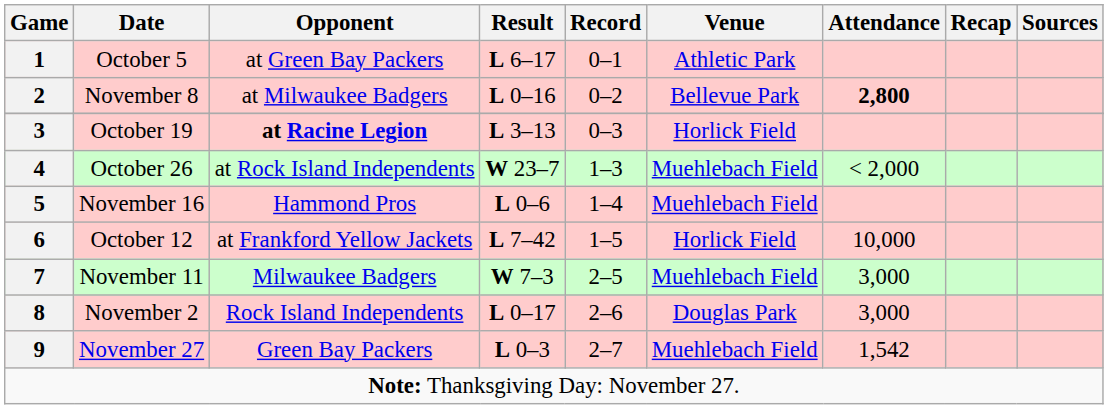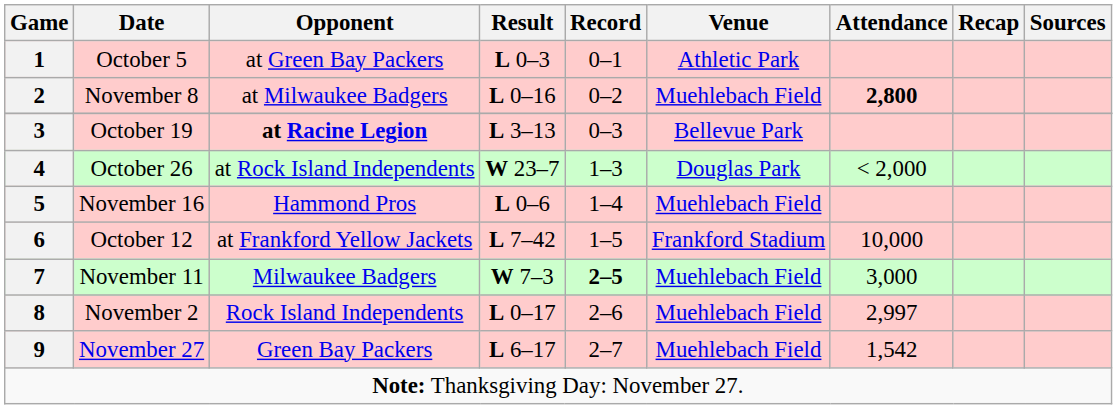 <table class="wikitable" style="text-align:center">
 <tr>
 <th>Game</th>
 <th>Date</th>
 <th>Opponent</th>
 <th>Result</th>
 <th>Record</th>
 <th>Venue</th>
 <th>Attendance</th>
 <th>Recap</th>
 <th>Sources</th>
 </tr>
 <tr style="background:#fcc">
 <th>1</th>
 <td>October 5</td>
 <td>at <a href='#'>Green Bay Packers</a></td>
-<td><strong>L</strong> 6–17</td>
+<td><strong>L</strong> 0–3</td>
 <td>0–1</td>
 <td><a href='#'>Athletic Park</a></td>
 <td></td>
 <td></td>
 <td></td>
 </tr>
 <tr style="background:#fcc">
 <th>2</th>
 <td>November 8</td>
 <td>at <a href='#'>Milwaukee Badgers</a></td>
 <td><strong>L</strong> 0–16</td>
 <td>0–2</td>
-<td><a href='#'>Bellevue Park</a></td>
+<td><a href='#'>Muehlebach Field</a></td>
 <td><strong>2,800</strong></td>
 <td></td>
 <td></td>
 </tr>
 <tr style="background:#cfc">
 </tr>
 <tr style="background:#fcc">
 <th>3</th>
 <td>October 19</td>
 <td><strong>at <a href='#'>Racine Legion</a></strong></td>
 <td><strong>L</strong> 3–13</td>
 <td>0–3</td>
-<td><a href='#'>Horlick Field</a></td>
+<td><a href='#'>Bellevue Park</a></td>
 <td></td>
 <td></td>
 <td></td>
 </tr>
 <tr style="background:#cfc">
 <th>4</th>
 <td>October 26</td>
 <td>at <a href='#'>Rock Island Independents</a></td>
 <td><strong>W</strong> 23–7</td>
 <td>1–3</td>
-<td><a href='#'>Muehlebach Field</a></td>
+<td><a href='#'>Douglas Park</a></td>
 <td>< 2,000</td>
 <td></td>
 <td></td>
 </tr>
 <tr style="background:#fcc">
 <th>5</th>
 <td>November 16</td>
 <td><a href='#'>Hammond Pros</a></td>
 <td><strong>L</strong> 0–6</td>
 <td>1–4</td>
 <td><a href='#'>Muehlebach Field</a></td>
 <td></td>
 <td></td>
 <td></td>
 </tr>
 <tr style="background:#fcc">
 <th>6</th>
 <td>October 12</td>
 <td>at <a href='#'>Frankford Yellow Jackets</a></td>
 <td><strong>L</strong> 7–42</td>
 <td>1–5</td>
-<td><a href='#'>Horlick Field</a></td>
+<td><a href='#'>Frankford Stadium</a></td>
 <td>10,000</td>
 <td></td>
 <td></td>
 </tr>
 <tr style="background:#cfc">
 <th>7</th>
 <td>November 11</td>
 <td><a href='#'>Milwaukee Badgers</a></td>
 <td><strong>W</strong> 7–3</td>
-<td>2–5</td>
+<td><strong>2–5</strong></td>
 <td><a href='#'>Muehlebach Field</a></td>
 <td>3,000</td>
 <td></td>
 <td></td>
 </tr>
 <tr style="background:#fcc">
 <th>8</th>
 <td>November 2</td>
 <td><a href='#'>Rock Island Independents</a></td>
 <td><strong>L</strong> 0–17</td>
 <td>2–6</td>
-<td><a href='#'>Douglas Park</a></td>
-<td>3,000</td>
+<td><a href='#'>Muehlebach Field</a></td>
+<td>2,997</td>
 <td></td>
 <td></td>
 </tr>
 <tr style="background:#fcc">
 <th>9</th>
 <td><a href='#'>November 27</a></td>
 <td><a href='#'>Green Bay Packers</a></td>
-<td><strong>L</strong> 0–3</td>
+<td><strong>L</strong> 6–17</td>
 <td>2–7</td>
 <td><a href='#'>Muehlebach Field</a></td>
 <td>1,542</td>
 <td></td>
 <td></td>
 </tr>
 <tr>
 <td colspan="10"><strong>Note:</strong> Thanksgiving Day: November 27.</td>
 </tr>
 </table>
